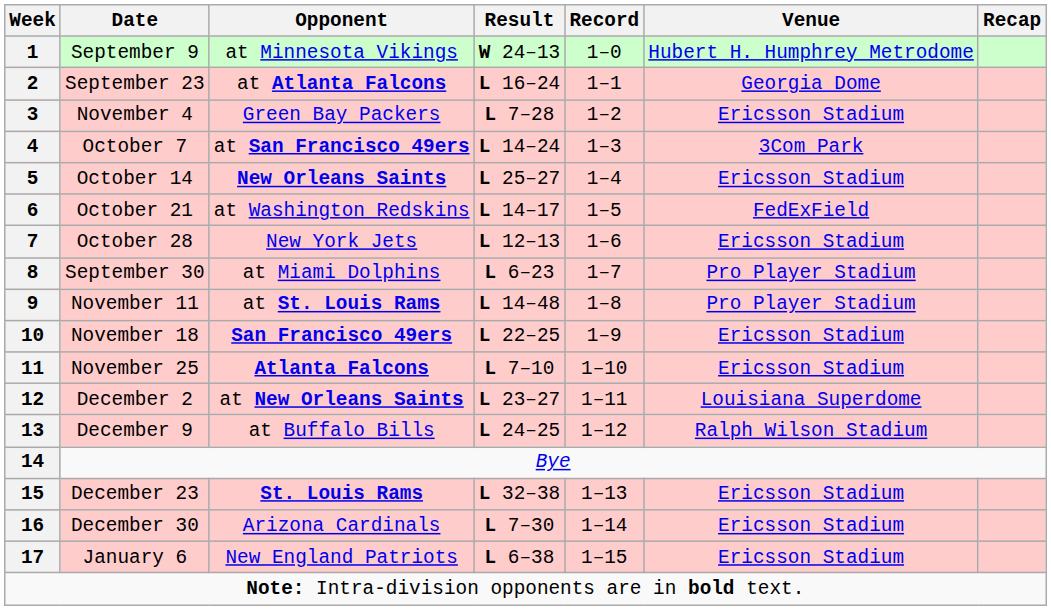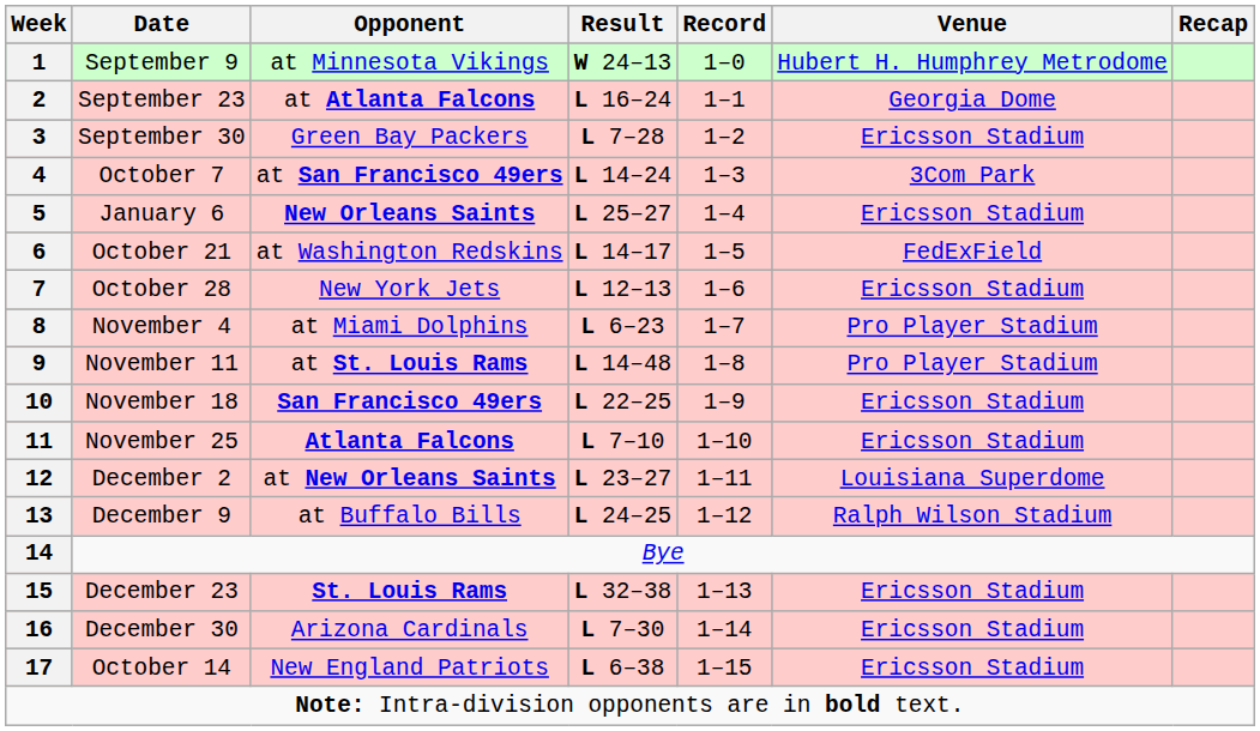 <table class="wikitable" style="text-align:center">
 <tr>
 <th>Week</th>
 <th>Date</th>
 <th>Opponent</th>
 <th>Result</th>
 <th>Record</th>
 <th>Venue</th>
 <th>Recap</th>
 </tr>
 <tr style="background:#cfc">
 <th>1</th>
 <td>September 9</td>
 <td>at <a href='#'>Minnesota Vikings</a></td>
 <td><strong>W</strong> 24–13</td>
 <td>1–0</td>
 <td><a href='#'>Hubert H. Humphrey Metrodome</a></td>
 <td></td>
 </tr>
 <tr style="background:#fcc">
 <th>2</th>
 <td>September 23</td>
 <td>at <strong><a href='#'>Atlanta Falcons</a></strong></td>
 <td><strong>L</strong> 16–24</td>
 <td>1–1</td>
 <td><a href='#'>Georgia Dome</a></td>
 <td></td>
 </tr>
 <tr style="background:#fcc">
 <th>3</th>
-<td>November 4</td>
+<td>September 30</td>
 <td><a href='#'>Green Bay Packers</a></td>
 <td><strong>L</strong> 7–28</td>
 <td>1–2</td>
 <td><a href='#'>Ericsson Stadium</a></td>
 <td></td>
 </tr>
 <tr style="background:#fcc">
 <th>4</th>
 <td>October 7</td>
 <td>at <strong><a href='#'>San Francisco 49ers</a></strong></td>
 <td><strong>L</strong> 14–24</td>
 <td>1–3</td>
 <td><a href='#'>3Com Park</a></td>
 <td></td>
 </tr>
 <tr style="background:#fcc">
 <th>5</th>
-<td>October 14</td>
+<td>January 6</td>
 <td><strong><a href='#'>New Orleans Saints</a></strong></td>
 <td><strong>L</strong> 25–27</td>
 <td>1–4</td>
 <td><a href='#'>Ericsson Stadium</a></td>
 <td></td>
 </tr>
 <tr style="background:#fcc">
 <th>6</th>
 <td>October 21</td>
 <td>at <a href='#'>Washington Redskins</a></td>
 <td><strong>L</strong> 14–17 </td>
 <td>1–5</td>
 <td><a href='#'>FedExField</a></td>
 <td></td>
 </tr>
 <tr style="background:#fcc">
 <th>7</th>
 <td>October 28</td>
 <td><a href='#'>New York Jets</a></td>
 <td><strong>L</strong> 12–13</td>
 <td>1–6</td>
 <td><a href='#'>Ericsson Stadium</a></td>
 <td></td>
 </tr>
 <tr style="background:#fcc">
 <th>8</th>
-<td>September 30</td>
+<td>November 4</td>
 <td>at <a href='#'>Miami Dolphins</a></td>
 <td><strong>L</strong> 6–23</td>
 <td>1–7</td>
 <td><a href='#'>Pro Player Stadium</a></td>
 <td></td>
 </tr>
 <tr style="background:#fcc">
 <th>9</th>
 <td>November 11</td>
 <td>at <strong><a href='#'>St. Louis Rams</a></strong></td>
 <td><strong>L</strong> 14–48</td>
 <td>1–8</td>
 <td><a href='#'>Pro Player Stadium</a></td>
 <td></td>
 </tr>
 <tr style="background:#fcc">
 <th>10</th>
 <td>November 18</td>
 <td><strong><a href='#'>San Francisco 49ers</a></strong></td>
 <td><strong>L</strong> 22–25 </td>
 <td>1–9</td>
 <td><a href='#'>Ericsson Stadium</a></td>
 <td></td>
 </tr>
 <tr style="background:#fcc">
 <th>11</th>
 <td>November 25</td>
 <td><strong><a href='#'>Atlanta Falcons</a></strong></td>
 <td><strong>L</strong> 7–10</td>
 <td>1–10</td>
 <td><a href='#'>Ericsson Stadium</a></td>
 <td></td>
 </tr>
 <tr style="background:#fcc">
 <th>12</th>
 <td>December 2</td>
 <td>at <strong><a href='#'>New Orleans Saints</a></strong></td>
 <td><strong>L</strong> 23–27</td>
 <td>1–11</td>
 <td><a href='#'>Louisiana Superdome</a></td>
 <td></td>
 </tr>
 <tr style="background:#fcc">
 <th>13</th>
 <td>December 9</td>
 <td>at <a href='#'>Buffalo Bills</a></td>
 <td><strong>L</strong> 24–25</td>
 <td>1–12</td>
 <td><a href='#'>Ralph Wilson Stadium</a></td>
 <td></td>
 </tr>
 <tr>
 <th>14</th>
 <td colspan="7"><em><a href='#'>Bye</a></em></td>
 </tr>
 <tr style="background:#fcc">
 <th>15</th>
 <td>December 23</td>
 <td><strong><a href='#'>St. Louis Rams</a></strong></td>
 <td><strong>L</strong> 32–38</td>
 <td>1–13</td>
 <td><a href='#'>Ericsson Stadium</a></td>
 <td></td>
 </tr>
 <tr style="background:#fcc">
 <th>16</th>
 <td>December 30</td>
 <td><a href='#'>Arizona Cardinals</a></td>
 <td><strong>L</strong> 7–30</td>
 <td>1–14</td>
 <td><a href='#'>Ericsson Stadium</a></td>
 <td></td>
 </tr>
 <tr style="background:#fcc">
 <th>17</th>
-<td>January 6</td>
+<td>October 14</td>
 <td><a href='#'>New England Patriots</a></td>
 <td><strong>L</strong> 6–38</td>
 <td>1–15</td>
 <td><a href='#'>Ericsson Stadium</a></td>
 <td></td>
 </tr>
 <tr>
 <td colspan="7"><strong>Note:</strong> Intra-division opponents are in <strong>bold</strong> text.</td>
 </tr>
 </table>
